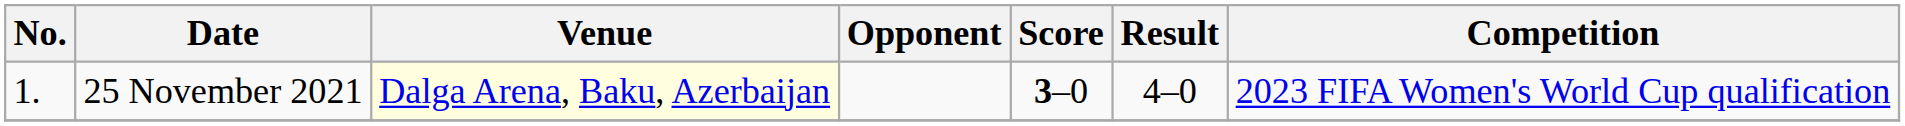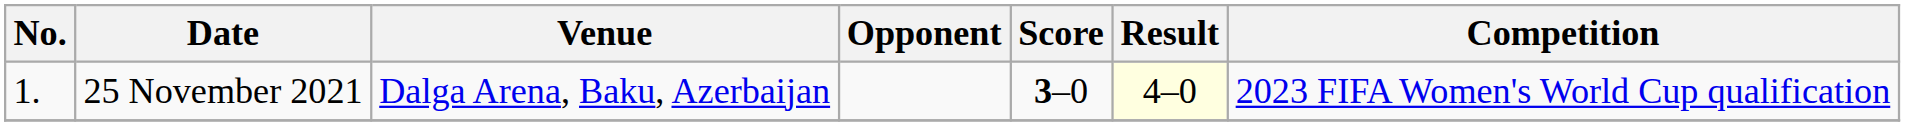 <table class="wikitable">
 <tr>
 <th>No.</th>
 <th>Date</th>
 <th>Venue</th>
 <th>Opponent</th>
 <th>Score</th>
 <th>Result</th>
 <th>Competition</th>
 </tr>
 <tr>
 <td>1.</td>
 <td>25 November 2021</td>
-<td style="background: lightyellow;"><a href='#'>Dalga Arena</a>, <a href='#'>Baku</a>, <a href='#'>Azerbaijan</a></td>
+<td><a href='#'>Dalga Arena</a>, <a href='#'>Baku</a>, <a href='#'>Azerbaijan</a></td>
 <td></td>
 <td align=center><strong>3</strong>–0</td>
-<td align=center>4–0</td>
+<td align=center style="background: lightyellow;">4–0</td>
 <td><a href='#'>2023 FIFA Women's World Cup qualification</a></td>
 </tr>
 <tr>
 </tr>
 </table>
